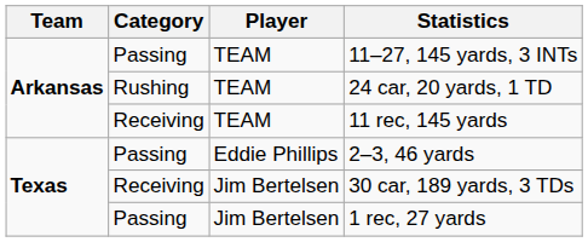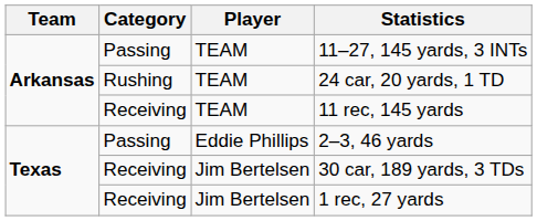 <table class="wikitable" style="float: right;">
 <tr>
 <th>Team</th>
 <th>Category</th>
 <th>Player</th>
 <th>Statistics</th>
 </tr>
 <tr>
 <td rowspan=3><strong>Arkansas</strong></td>
 <td>Passing</td>
 <td>TEAM</td>
 <td>11–27, 145 yards, 3 INTs</td>
 </tr>
 <tr>
 <td>Rushing</td>
 <td>TEAM</td>
 <td>24 car, 20 yards, 1 TD</td>
 </tr>
 <tr>
 <td>Receiving</td>
 <td>TEAM</td>
 <td>11 rec, 145 yards</td>
 </tr>
 <tr>
 <td rowspan=3><strong>Texas</strong></td>
 <td>Passing</td>
 <td>Eddie Phillips</td>
 <td>2–3, 46 yards</td>
 </tr>
 <tr>
 <td>Receiving</td>
 <td>Jim Bertelsen</td>
 <td>30 car, 189 yards, 3 TDs</td>
 </tr>
 <tr>
-<td>Passing</td>
+<td>Receiving</td>
 <td>Jim Bertelsen</td>
 <td>1 rec, 27 yards</td>
 </tr>
 </table>
